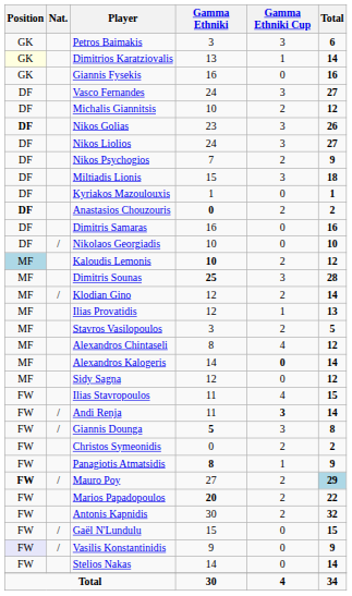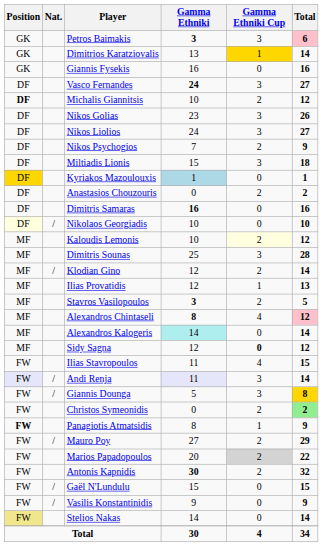 <table class="wikitable sortable" style="text-align:center">
 <tr>
 <th>Position</th>
 <th>Nat.</th>
 <th>Player</th>
 <th width=100><a href='#'>Gamma Ethniki</a></th>
 <th width=100><a href='#'>Gamma Ethniki Cup</a></th>
 <th><strong>Total</strong></th>
 </tr>
 <tr>
 <td>GK</td>
 <td></td>
 <td align=left><a href='#'>Petros Baimakis</a></td>
+<td><strong>3</strong></td>
 <td>3</td>
-<td>3</td>
-<td><strong>6</strong></td>
+<td style="background: pink;"><strong>6</strong></td>
 </tr>
 <tr>
-<td style="background: lightyellow;">GK</td>
+<td>GK</td>
 <td></td>
 <td align=left><a href='#'>Dimitrios Karatziovalis</a></td>
 <td>13</td>
-<td>1</td>
+<td style="background: gold;">1</td>
 <td><strong>14</strong></td>
 </tr>
 <tr>
 <td>GK</td>
 <td></td>
 <td align=left><a href='#'>Giannis Fysekis</a></td>
 <td>16</td>
 <td>0</td>
 <td><strong>16</strong></td>
 </tr>
 <tr>
 <td>DF</td>
 <td></td>
 <td align=left><a href='#'>Vasco Fernandes</a></td>
-<td>24</td>
+<td><strong>24</strong></td>
 <td>3</td>
 <td><strong>27</strong></td>
 </tr>
 <tr>
-<td>DF</td>
+<td><strong>DF</strong></td>
 <td></td>
 <td align=left><a href='#'>Michalis Giannitsis</a></td>
 <td>10</td>
 <td>2</td>
 <td><strong>12</strong></td>
 </tr>
 <tr>
-<td><strong>DF</strong></td>
+<td>DF</td>
 <td></td>
 <td align=left><a href='#'>Nikos Golias</a></td>
 <td>23</td>
 <td>3</td>
 <td><strong>26</strong></td>
 </tr>
 <tr>
 <td>DF</td>
 <td></td>
 <td align=left><a href='#'>Nikos Liolios</a></td>
 <td>24</td>
 <td>3</td>
 <td><strong>27</strong></td>
 </tr>
 <tr>
 <td>DF</td>
 <td></td>
 <td align=left><a href='#'>Nikos Psychogios</a></td>
 <td>7</td>
 <td>2</td>
 <td><strong>9</strong></td>
 </tr>
 <tr>
 <td>DF</td>
 <td></td>
 <td align=left><a href='#'>Miltiadis Lionis</a></td>
 <td>15</td>
 <td>3</td>
 <td><strong>18</strong></td>
 </tr>
 <tr>
-<td>DF</td>
+<td style="background: gold;">DF</td>
 <td></td>
 <td align=left><a href='#'>Kyriakos Mazoulouxis</a></td>
-<td>1</td>
+<td style="background: lightblue;">1</td>
 <td>0</td>
 <td><strong>1</strong></td>
 </tr>
 <tr>
-<td><strong>DF</strong></td>
+<td>DF</td>
 <td></td>
 <td align=left><a href='#'>Anastasios Chouzouris</a></td>
-<td><strong>0</strong></td>
+<td>0</td>
 <td>2</td>
 <td><strong>2</strong></td>
 </tr>
 <tr>
 <td>DF</td>
 <td></td>
 <td align=left><a href='#'>Dimitris Samaras</a></td>
-<td>16</td>
+<td><strong>16</strong></td>
 <td>0</td>
 <td><strong>16</strong></td>
 </tr>
 <tr>
-<td>DF</td>
+<td style="background: lightyellow;">DF</td>
 <td> / </td>
 <td align=left><a href='#'>Nikolaos Georgiadis</a></td>
 <td>10</td>
 <td>0</td>
 <td><strong>10</strong></td>
 </tr>
 <tr>
-<td style="background: lightblue;">MF</td>
+<td>MF</td>
 <td></td>
 <td align=left><a href='#'>Kaloudis Lemonis</a></td>
-<td><strong>10</strong></td>
-<td>2</td>
+<td>10</td>
+<td style="background: lightyellow;">2</td>
 <td><strong>12</strong></td>
 </tr>
 <tr>
 <td>MF</td>
 <td></td>
 <td align=left><a href='#'>Dimitris Sounas</a></td>
-<td><strong>25</strong></td>
+<td>25</td>
 <td>3</td>
 <td><strong>28</strong></td>
 </tr>
 <tr>
 <td>MF</td>
 <td> / </td>
 <td align=left><a href='#'>Klodian Gino</a></td>
 <td>12</td>
 <td>2</td>
 <td><strong>14</strong></td>
 </tr>
 <tr>
 <td>MF</td>
 <td></td>
 <td align=left><a href='#'>Ilias Provatidis</a></td>
 <td>12</td>
 <td>1</td>
 <td><strong>13</strong></td>
 </tr>
 <tr>
 <td>MF</td>
 <td></td>
 <td align=left><a href='#'>Stavros Vasilopoulos</a></td>
-<td>3</td>
+<td><strong>3</strong></td>
 <td>2</td>
 <td><strong>5</strong></td>
 </tr>
 <tr>
 <td>MF</td>
 <td></td>
 <td align=left><a href='#'>Alexandros Chintaseli</a></td>
-<td>8</td>
+<td><strong>8</strong></td>
 <td>4</td>
-<td><strong>12</strong></td>
+<td style="background: pink;"><strong>12</strong></td>
 </tr>
 <tr>
 <td>MF</td>
 <td></td>
 <td align=left><a href='#'>Alexandros Kalogeris</a></td>
-<td>14</td>
-<td><strong>0</strong></td>
+<td style="background: paleturquoise;">14</td>
+<td>0</td>
 <td><strong>14</strong></td>
 </tr>
 <tr>
 <td>MF</td>
 <td></td>
 <td align=left><a href='#'>Sidy Sagna</a></td>
 <td>12</td>
-<td>0</td>
+<td><strong>0</strong></td>
 <td><strong>12</strong></td>
 </tr>
 <tr>
 <td>FW</td>
 <td></td>
 <td align=left><a href='#'>Ilias Stavropoulos</a></td>
 <td>11</td>
 <td>4</td>
 <td><strong>15</strong></td>
 </tr>
 <tr>
-<td>FW</td>
+<td style="background: lavender;">FW</td>
 <td> / </td>
 <td align=left><a href='#'>Andi Renja</a></td>
-<td>11</td>
-<td><strong>3</strong></td>
+<td style="background: lavender;">11</td>
+<td>3</td>
 <td><strong>14</strong></td>
 </tr>
 <tr>
 <td>FW</td>
 <td> / </td>
 <td align=left><a href='#'>Giannis Dounga</a></td>
-<td><strong>5</strong></td>
+<td>5</td>
 <td>3</td>
-<td><strong>8</strong></td>
+<td style="background: gold;"><strong>8</strong></td>
 </tr>
 <tr>
 <td>FW</td>
 <td></td>
 <td align=left><a href='#'>Christos Symeonidis</a></td>
 <td>0</td>
 <td>2</td>
-<td><strong>2</strong></td>
+<td style="background: lightgreen;"><strong>2</strong></td>
 </tr>
 <tr>
-<td>FW</td>
+<td><strong>FW</strong></td>
 <td></td>
 <td align=left><a href='#'>Panagiotis Atmatsidis</a></td>
-<td><strong>8</strong></td>
+<td>8</td>
 <td>1</td>
 <td><strong>9</strong></td>
 </tr>
 <tr>
-<td><strong>FW</strong></td>
+<td>FW</td>
 <td> / </td>
 <td align=left><a href='#'>Mauro Poy</a></td>
 <td>27</td>
 <td>2</td>
-<td style="background: lightblue;"><strong>29</strong></td>
+<td><strong>29</strong></td>
 </tr>
 <tr>
 <td>FW</td>
 <td></td>
 <td align=left><a href='#'>Marios Papadopoulos</a></td>
-<td><strong>20</strong></td>
-<td>2</td>
+<td>20</td>
+<td style="background: lightgrey;">2</td>
 <td><strong>22</strong></td>
 </tr>
 <tr>
 <td>FW</td>
 <td></td>
 <td align=left><a href='#'>Antonis Kapnidis</a></td>
-<td>30</td>
+<td><strong>30</strong></td>
 <td>2</td>
 <td><strong>32</strong></td>
 </tr>
 <tr>
 <td>FW</td>
 <td> / </td>
 <td align=left><a href='#'>Gaël N'Lundulu</a></td>
 <td>15</td>
 <td>0</td>
 <td><strong>15</strong></td>
 </tr>
 <tr>
-<td style="background: lavender;">FW</td>
+<td>FW</td>
 <td> / </td>
 <td align=left><a href='#'>Vasilis Konstantinidis</a></td>
 <td>9</td>
 <td>0</td>
 <td><strong>9</strong></td>
 </tr>
 <tr>
-<td>FW</td>
+<td style="background: khaki;">FW</td>
 <td></td>
 <td align=left><a href='#'>Stelios Nakas</a></td>
 <td>14</td>
 <td>0</td>
 <td><strong>14</strong></td>
 </tr>
 <tr>
 </tr>
 <tr class="sortbottom">
 <td colspan=3><strong>Total</strong></td>
 <td><strong>30</strong></td>
 <td><strong>4</strong></td>
 <td><strong>34</strong></td>
 </tr>
 </table>
